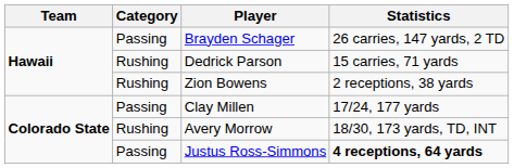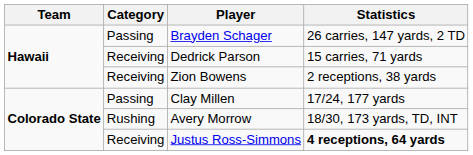 <table class="wikitable" style="float: left;">
 <tr>
 <th>Team</th>
 <th>Category</th>
 <th>Player</th>
 <th>Statistics</th>
 </tr>
 <tr>
 <td rowspan=3><strong>Hawaii</strong></td>
 <td>Passing</td>
 <td><a href='#'>Brayden Schager</a></td>
 <td>26 carries, 147 yards, 2 TD</td>
 </tr>
 <tr>
-<td>Rushing</td>
+<td>Receiving</td>
 <td>Dedrick Parson</td>
 <td>15 carries, 71 yards</td>
 </tr>
 <tr>
-<td>Rushing</td>
+<td>Receiving</td>
 <td>Zion Bowens</td>
 <td>2 receptions, 38 yards</td>
 </tr>
 <tr>
 <td rowspan=3><strong>Colorado State</strong></td>
 <td>Passing</td>
 <td>Clay Millen</td>
 <td>17/24, 177 yards</td>
 </tr>
 <tr>
 <td>Rushing</td>
 <td>Avery Morrow</td>
 <td>18/30, 173 yards, TD, INT</td>
 </tr>
 <tr>
-<td>Passing</td>
+<td>Receiving</td>
 <td><a href='#'>Justus Ross-Simmons</a></td>
 <td><strong>4 receptions, 64 yards</strong></td>
 </tr>
 </table>
